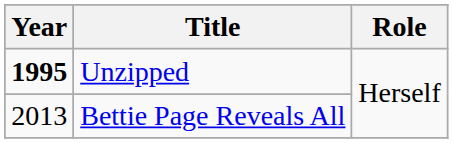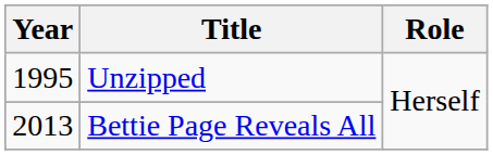 <table class="wikitable">
 <tr>
 <th>Year</th>
 <th>Title</th>
 <th>Role</th>
 </tr>
 <tr>
-<td><strong>1995</strong></td>
+<td>1995</td>
 <td><a href='#'>Unzipped</a></td>
 <td rowspan="2">Herself</td>
 </tr>
 <tr>
 <td>2013</td>
 <td><a href='#'>Bettie Page Reveals All</a></td>
 </tr>
 </table>
